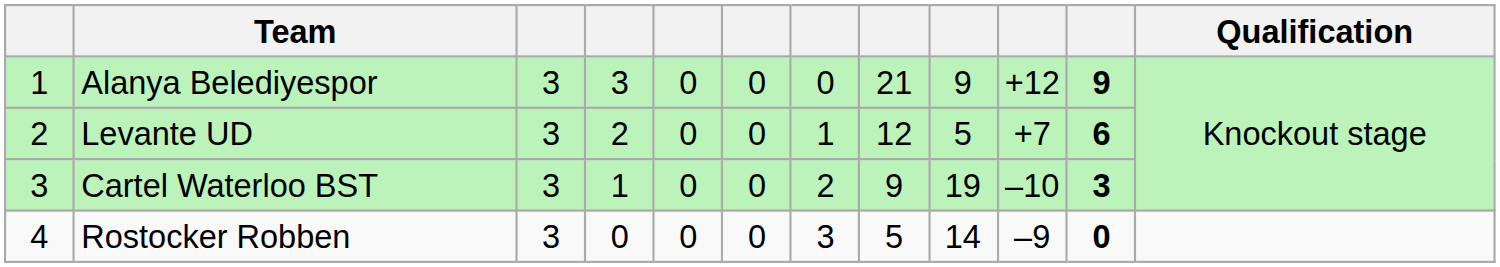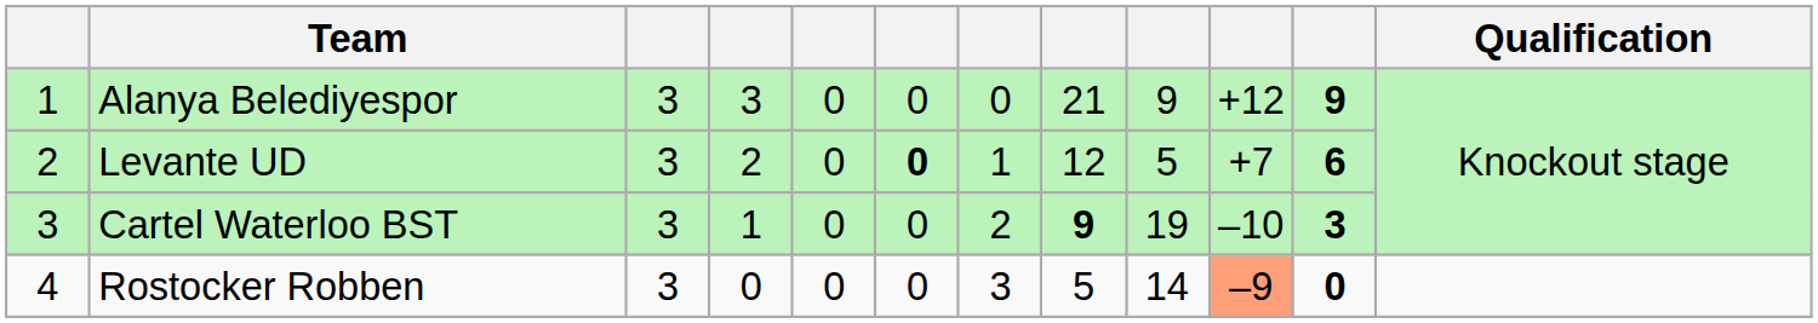 <table class="wikitable" style="font-size: 95%">
 <tr>
 <th width="25"></th>
 <th width="200">Team</th>
 <th width="25"></th>
 <th width="25"></th>
 <th width="25"></th>
 <th width="25"></th>
 <th width="25"></th>
 <th width="25"></th>
 <th width="25"></th>
 <th width="25"></th>
 <th width="25"></th>
 <th width="160">Qualification</th>
 </tr>
 <tr align=center bgcolor=#bbf3bb>
 <td>1</td>
 <td align=left> Alanya Belediyespor</td>
 <td>3</td>
 <td>3</td>
 <td>0</td>
 <td>0</td>
 <td>0</td>
 <td>21</td>
 <td>9</td>
 <td>+12</td>
 <td><strong>9</strong></td>
 <td rowspan=3>Knockout stage</td>
 </tr>
 <tr align=center bgcolor=#bbf3bb>
 <td>2</td>
 <td align=left> Levante UD</td>
 <td>3</td>
 <td>2</td>
 <td>0</td>
-<td>0</td>
+<td><strong>0</strong></td>
 <td>1</td>
 <td>12</td>
 <td>5</td>
 <td>+7</td>
 <td><strong>6</strong></td>
 </tr>
 <tr align=center bgcolor=#bbf3bb>
 <td>3</td>
 <td align=left> Cartel Waterloo BST</td>
 <td>3</td>
 <td>1</td>
 <td>0</td>
 <td>0</td>
 <td>2</td>
-<td>9</td>
+<td><strong>9</strong></td>
 <td>19</td>
 <td>–10</td>
 <td><strong>3</strong></td>
 </tr>
 <tr align=center>
 <td>4</td>
 <td align=left> Rostocker Robben</td>
 <td>3</td>
 <td>0</td>
 <td>0</td>
 <td>0</td>
 <td>3</td>
 <td>5</td>
 <td>14</td>
-<td>–9</td>
+<td style="background: lightsalmon;">–9</td>
 <td><strong>0</strong></td>
 <td></td>
 </tr>
 </table>
